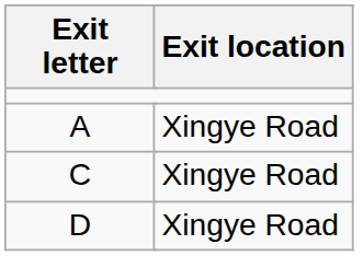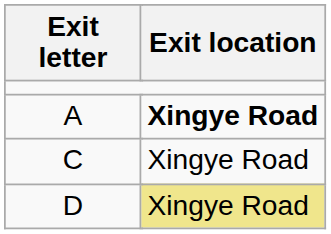 <table class="wikitable">
 <tr>
 <th style="width:70px" colspan=2>Exit letter</th>
 <th>Exit location</th>
 </tr>
 <tr style="background:#">
 <td colspan="4"></td>
 </tr>
 <tr>
 <td align=center colspan=2>A</td>
-<td>Xingye Road</td>
+<td><strong>Xingye Road</strong></td>
 </tr>
 <tr>
 <td align=center colspan=2>C</td>
 <td>Xingye Road</td>
 </tr>
 <tr>
 <td align=center colspan=2>D</td>
-<td>Xingye Road</td>
+<td style="background: khaki;">Xingye Road</td>
 </tr>
 </table>
